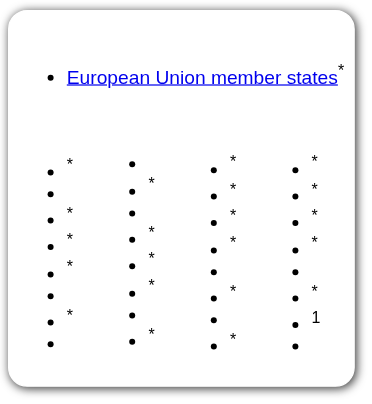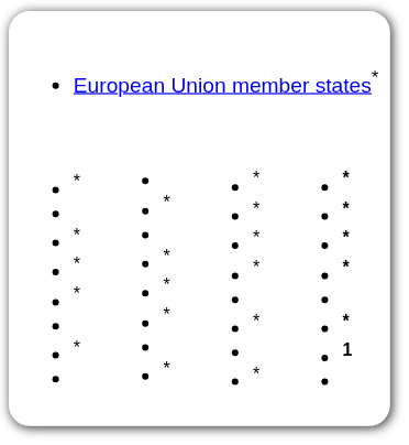 <table style=" border-radius:1em; box-shadow: 0.1em 0.1em 0.5em rgba(0,0,0,0.75); background-color: white; border: 1px solid white; padding: 5px; margin-top:10px;">
 <tr style="vertical-align:top;">
 <td colspan=4><br><ul><li> <a href='#'>European Union member states</a><sup>*</sup></li></ul></td>
 </tr>
 <tr>
 <td><br><ul><li><sup>*</sup></li><li></li><li><sup>*</sup></li><li><sup>*</sup></li><li><sup>*</sup></li><li></li><li><sup>*</sup></li><li></li></ul></td>
 <td valign="top"><br><ul><li></li><li><sup>*</sup></li><li></li><li><sup>*</sup></li><li><sup>*</sup></li><li><sup>*</sup></li><li></li><li><sup>*</sup></li></ul></td>
 <td valign="top"><br><ul><li><sup>*</sup></li><li><sup>*</sup></li><li><sup>*</sup></li><li><sup>*</sup></li><li></li><li><sup>*</sup></li><li></li><li><sup>*</sup></li></ul></td>
-<td valign="top"><br><ul><li><sup>*</sup></li><li><sup>*</sup></li><li><sup>*</sup></li><li><sup>*</sup></li><li></li><li><sup>*</sup></li><li><sup>1</sup></li><li></li></ul></td>
+<td valign="top"><strong><br><ul><li><sup>*</sup></li><li><sup>*</sup></li><li><sup>*</sup></li><li><sup>*</sup></li><li></li><li><sup>*</sup></li><li><sup>1</sup></li><li></li></ul></strong></td>
 </tr>
 </table>
